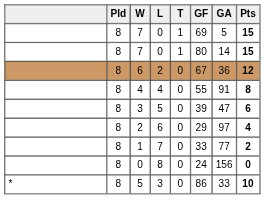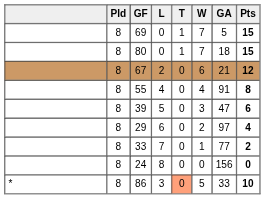 <table border=1 cellpadding=5 cellspacing=0 style="text-align:center;">
 <tr>
 <th bgcolor="#efefef" width="150"></th>
 <th bgcolor="#efefef" width="20">Pld</th>
-<th bgcolor="#efefef" width="20">W</th>
+<th bgcolor="#efefef" width="20">GF</th>
 <th bgcolor="#efefef" width="20">L</th>
 <th bgcolor="#efefef" width="20">T</th>
-<th bgcolor="#efefef" width="20">GF</th>
+<th bgcolor="#efefef" width="20">W</th>
 <th bgcolor="#efefef" width="20">GA</th>
 <th bgcolor="#efefef" width="20">Pts</th>
 </tr>
 <tr>
 <td style="text-align:left;"></td>
 <td>8</td>
-<td>7</td>
+<td>69</td>
 <td>0</td>
 <td>1</td>
-<td>69</td>
+<td>7</td>
 <td>5</td>
 <td><strong>15</strong></td>
 </tr>
 <tr>
 <td style="text-align:left;"></td>
 <td>8</td>
-<td>7</td>
+<td>80</td>
 <td>0</td>
 <td>1</td>
-<td>80</td>
-<td>14</td>
+<td>7</td>
+<td>18</td>
 <td><strong>15</strong></td>
 </tr>
 <tr bgcolor="#cc9966">
 <td style="text-align:left;"> </td>
 <td>8</td>
-<td>6</td>
+<td>67</td>
 <td>2</td>
 <td>0</td>
-<td>67</td>
-<td>36</td>
+<td>6</td>
+<td>21</td>
 <td><strong>12</strong></td>
 </tr>
 <tr>
 <td style="text-align:left;"></td>
 <td>8</td>
-<td>4</td>
+<td>55</td>
 <td>4</td>
 <td>0</td>
-<td>55</td>
+<td>4</td>
 <td>91</td>
 <td><strong>8</strong></td>
 </tr>
 <tr>
 <td style="text-align:left;"></td>
 <td>8</td>
-<td>3</td>
+<td>39</td>
 <td>5</td>
 <td>0</td>
-<td>39</td>
+<td>3</td>
 <td>47</td>
 <td><strong>6</strong></td>
 </tr>
 <tr>
 <td style="text-align:left;"></td>
 <td>8</td>
-<td>2</td>
+<td>29</td>
 <td>6</td>
 <td>0</td>
-<td>29</td>
+<td>2</td>
 <td>97</td>
 <td><strong>4</strong></td>
 </tr>
 <tr>
 <td style="text-align:left;"></td>
 <td>8</td>
-<td>1</td>
+<td>33</td>
 <td>7</td>
 <td>0</td>
-<td>33</td>
+<td>1</td>
 <td>77</td>
 <td><strong>2</strong></td>
 </tr>
 <tr>
 <td style="text-align:left;"></td>
 <td>8</td>
-<td>0</td>
+<td>24</td>
 <td>8</td>
 <td>0</td>
-<td>24</td>
+<td>0</td>
 <td>156</td>
 <td><strong>0</strong></td>
 </tr>
 <tr>
 <td style="text-align:left;"> *</td>
 <td>8</td>
+<td>86</td>
+<td>3</td>
+<td style="background: lightsalmon;">0</td>
 <td>5</td>
-<td>3</td>
-<td>0</td>
-<td>86</td>
 <td>33</td>
 <td><strong>10</strong></td>
 </tr>
 </table>
